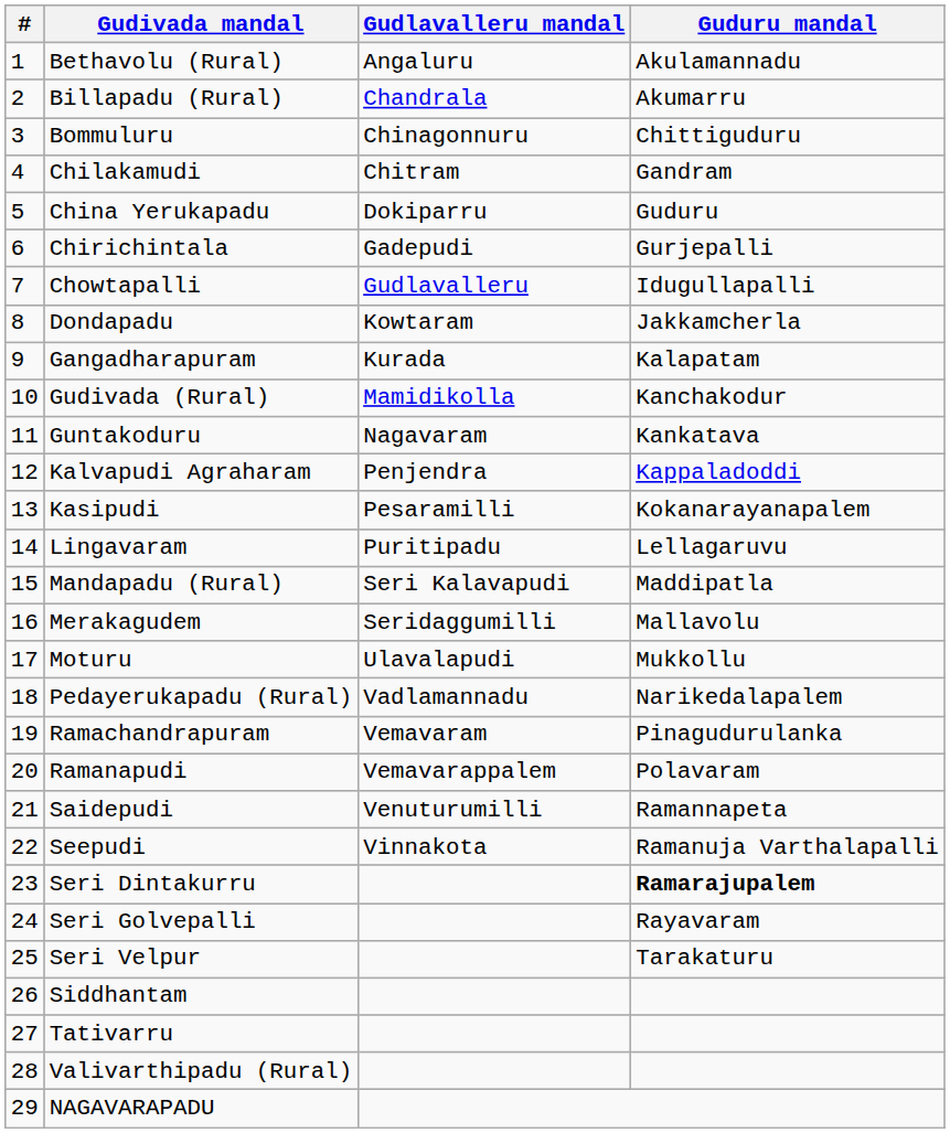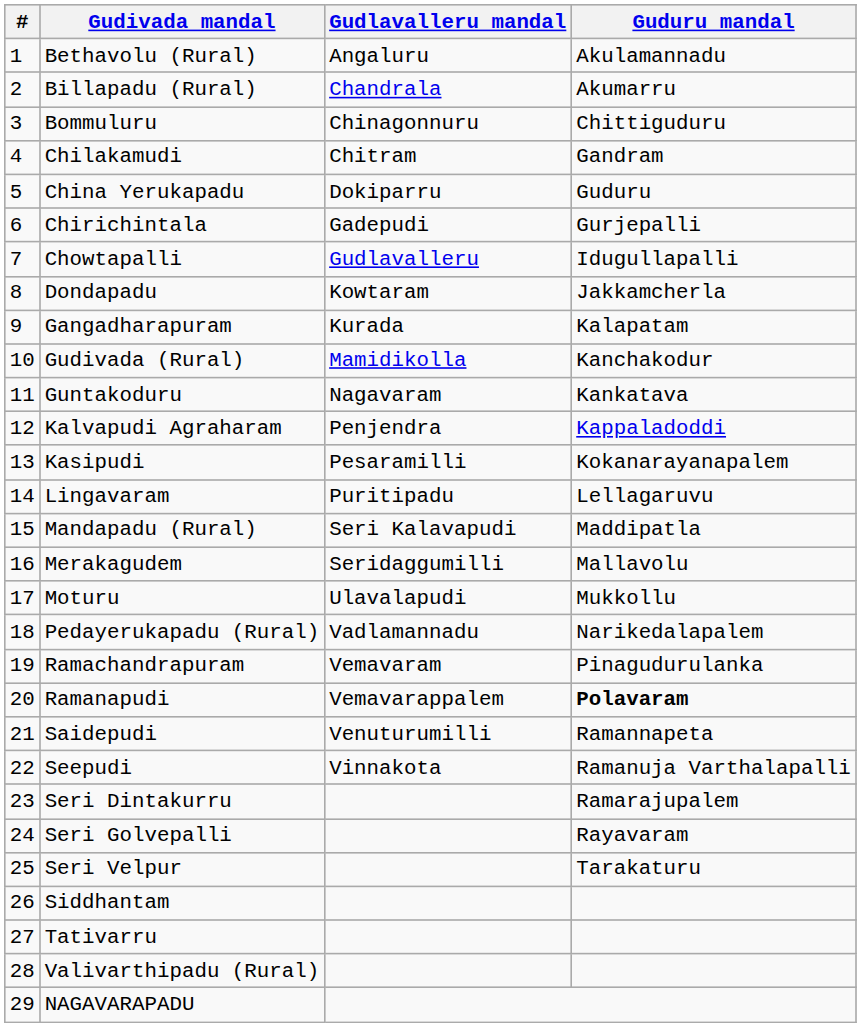 <table class="wikitable">
 <tr>
 <th>#</th>
 <th><a href='#'>Gudivada mandal</a></th>
 <th><a href='#'>Gudlavalleru mandal</a></th>
 <th><a href='#'>Guduru mandal</a></th>
 </tr>
 <tr>
 <td>1</td>
 <td>Bethavolu (Rural)</td>
 <td>Angaluru</td>
 <td>Akulamannadu</td>
 </tr>
 <tr>
 <td>2</td>
 <td>Billapadu (Rural)</td>
 <td><a href='#'>Chandrala</a></td>
 <td>Akumarru</td>
 </tr>
 <tr>
 <td>3</td>
 <td>Bommuluru</td>
 <td>Chinagonnuru</td>
 <td>Chittiguduru</td>
 </tr>
 <tr>
 <td>4</td>
 <td>Chilakamudi</td>
 <td>Chitram</td>
 <td>Gandram</td>
 </tr>
 <tr>
 <td>5</td>
 <td>China Yerukapadu</td>
 <td>Dokiparru</td>
 <td>Guduru</td>
 </tr>
 <tr>
 <td>6</td>
 <td>Chirichintala</td>
 <td>Gadepudi</td>
 <td>Gurjepalli</td>
 </tr>
 <tr>
 <td>7</td>
 <td>Chowtapalli</td>
 <td><a href='#'>Gudlavalleru</a></td>
 <td>Idugullapalli</td>
 </tr>
 <tr>
 <td>8</td>
 <td>Dondapadu</td>
 <td>Kowtaram</td>
 <td>Jakkamcherla</td>
 </tr>
 <tr>
 <td>9</td>
 <td>Gangadharapuram</td>
 <td>Kurada</td>
 <td>Kalapatam</td>
 </tr>
 <tr>
 <td>10</td>
 <td>Gudivada (Rural)</td>
 <td><a href='#'>Mamidikolla</a></td>
 <td>Kanchakodur</td>
 </tr>
 <tr>
 <td>11</td>
 <td>Guntakoduru</td>
 <td>Nagavaram</td>
 <td>Kankatava</td>
 </tr>
 <tr>
 <td>12</td>
 <td>Kalvapudi Agraharam</td>
 <td>Penjendra</td>
 <td><a href='#'>Kappaladoddi</a></td>
 </tr>
 <tr>
 <td>13</td>
 <td>Kasipudi</td>
 <td>Pesaramilli</td>
 <td>Kokanarayanapalem</td>
 </tr>
 <tr>
 <td>14</td>
 <td>Lingavaram</td>
 <td>Puritipadu</td>
 <td>Lellagaruvu</td>
 </tr>
 <tr>
 <td>15</td>
 <td>Mandapadu (Rural)</td>
 <td>Seri Kalavapudi</td>
 <td>Maddipatla</td>
 </tr>
 <tr>
 <td>16</td>
 <td>Merakagudem</td>
 <td>Seridaggumilli</td>
 <td>Mallavolu</td>
 </tr>
 <tr>
 <td>17</td>
 <td>Moturu</td>
 <td>Ulavalapudi</td>
 <td>Mukkollu</td>
 </tr>
 <tr>
 <td>18</td>
 <td>Pedayerukapadu (Rural)</td>
 <td>Vadlamannadu</td>
 <td>Narikedalapalem</td>
 </tr>
 <tr>
 <td>19</td>
 <td>Ramachandrapuram</td>
 <td>Vemavaram</td>
 <td>Pinagudurulanka</td>
 </tr>
 <tr>
 <td>20</td>
 <td>Ramanapudi</td>
 <td>Vemavarappalem</td>
-<td>Polavaram</td>
+<td><strong>Polavaram</strong></td>
 </tr>
 <tr>
 <td>21</td>
 <td>Saidepudi</td>
 <td>Venuturumilli</td>
 <td>Ramannapeta</td>
 </tr>
 <tr>
 <td>22</td>
 <td>Seepudi</td>
 <td>Vinnakota</td>
 <td>Ramanuja Varthalapalli</td>
 </tr>
 <tr i>
 <td>23</td>
 <td>Seri Dintakurru</td>
 <td></td>
-<td><strong>Ramarajupalem</strong></td>
+<td>Ramarajupalem</td>
 </tr>
 <tr>
 <td>24</td>
 <td>Seri Golvepalli</td>
 <td></td>
 <td>Rayavaram</td>
 </tr>
 <tr>
 <td>25</td>
 <td>Seri Velpur</td>
 <td></td>
 <td>Tarakaturu</td>
 </tr>
 <tr>
 <td>26</td>
 <td>Siddhantam</td>
 <td></td>
 <td></td>
 </tr>
 <tr>
 <td>27</td>
 <td>Tativarru</td>
 <td></td>
 <td></td>
 </tr>
 <tr>
 <td>28</td>
 <td>Valivarthipadu (Rural)</td>
 <td></td>
 <td></td>
 </tr>
 <tr>
 <td>29</td>
 <td>NAGAVARAPADU</td>
 </tr>
 </table>
